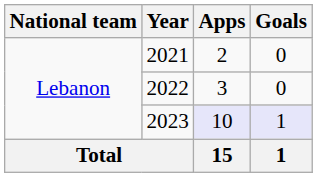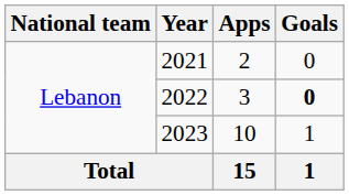 <table class="wikitable" style="text-align:center">
 <tr>
 <th>National team</th>
 <th>Year</th>
 <th>Apps</th>
 <th>Goals</th>
 </tr>
 <tr>
 <td rowspan="3"><a href='#'>Lebanon</a></td>
 <td>2021</td>
 <td>2</td>
 <td>0</td>
 </tr>
 <tr>
 <td>2022</td>
 <td>3</td>
-<td>0</td>
+<td><strong>0</strong></td>
 </tr>
 <tr>
 <td>2023</td>
-<td style="background: lavender;">10</td>
-<td style="background: lavender;">1</td>
+<td>10</td>
+<td>1</td>
 </tr>
 <tr>
 <th colspan="2">Total</th>
 <th>15</th>
 <th>1</th>
 </tr>
 </table>
